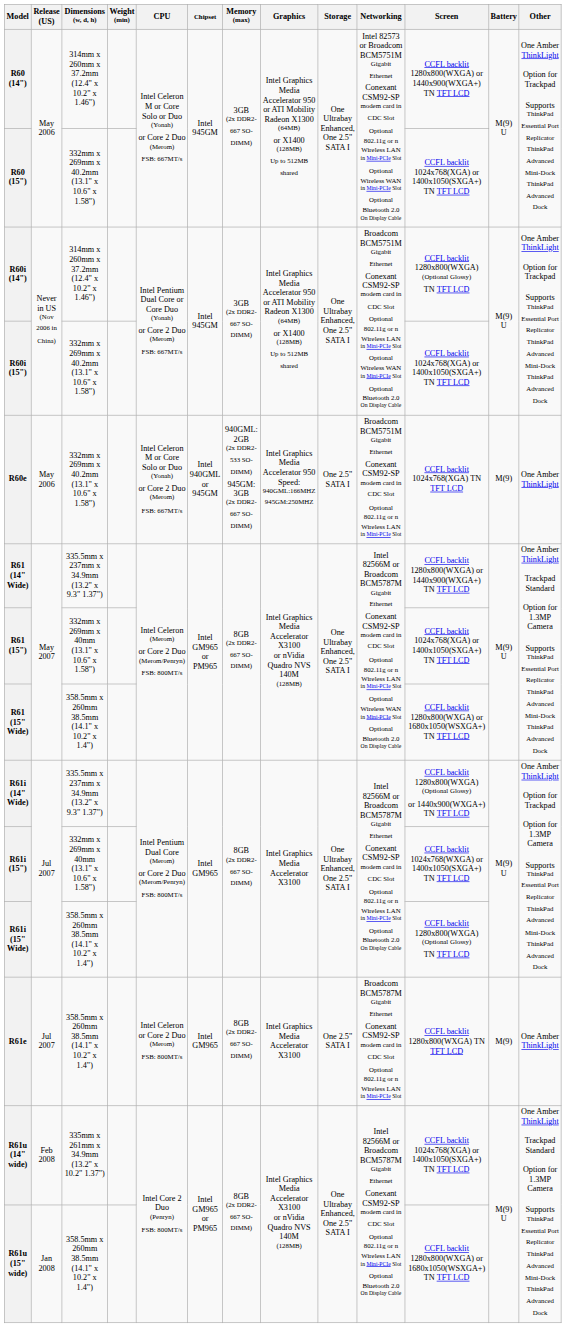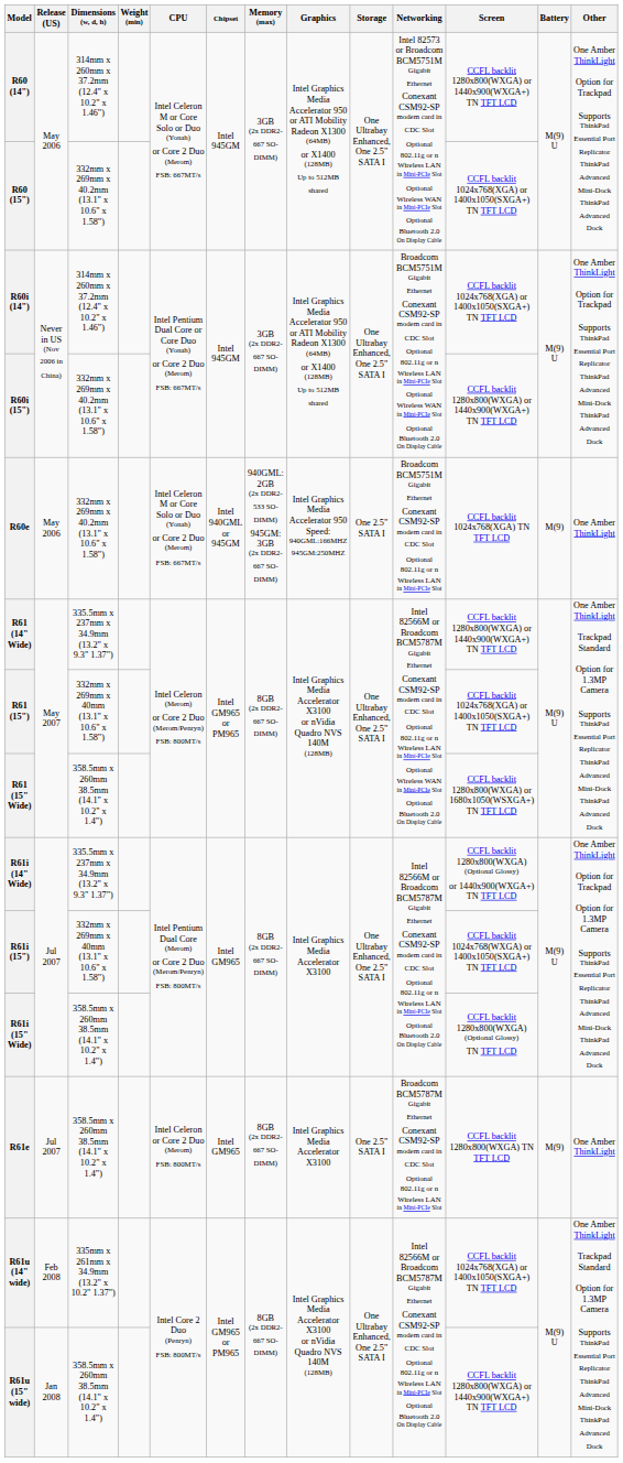 <table class="wikitable" style="font-size:80%; text-align:center">
 <tr>
 <th>Model</th>
 <th>Release<br>(US)</th>
 <th>Dimensions <br><sup>(w, d, h)</sup></th>
 <th>Weight <br><sup>(min)</sup></th>
 <th>CPU</th>
 <th><small>Chipset</small></th>
 <th>Memory <br><sup>(max)</sup></th>
 <th>Graphics</th>
 <th>Storage</th>
 <th>Networking</th>
 <th>Screen</th>
 <th>Battery</th>
 <th>Other</th>
 </tr>
 <tr>
 <th>R60 (14")</th>
 <td rowspan="2">May 2006</td>
 <td>314mm x 260mm x 37.2mm <br>(12.4" x 10.2" x 1.46")</td>
 <td></td>
 <td rowspan="2" style="background:">Intel Celeron M or Core Solo or Duo<br><sup>(Yonah)</sup> <br>or Core 2 Duo <br><sup>(Merom)</sup> <br><small>FSB: 667MT/s</small></td>
 <td rowspan="2">Intel 945GM</td>
 <td rowspan="2" style="background:">3GB <br><sup>(2x DDR2-667 SO-DIMM)</sup></td>
 <td rowspan="2" style="background:">Intel Graphics Media Accelerator 950 <br>or ATI Mobility Radeon X1300 <br><sup>(64MB)</sup> <br>or X1400 <br><sup>(128MB) <br>Up to 512MB shared</sup></td>
 <td rowspan="2" style="background:">One Ultrabay Enhanced, <br>One 2.5" SATA I</td>
 <td rowspan="2">Intel 82573 or Broadcom BCM5751M <br><sup>Gigabit Ethernet</sup> <br>Conexant CSM92-SP <br><sup>modem card in CDC Slot</sup> <br><small>Optional 802.11g or n Wireless LAN <br><sup>in <a href='#'>Mini-PCIe</a> Slot</sup></small> <br><small>Optional Wireless WAN <br><sup> in <a href='#'>Mini-PCIe</a> Slot</sup></small> <br><small>Optional Bluetooth 2.0 <br><sup>On Display Cable</sup></small></td>
 <td style="background:"><a href='#'>CCFL backlit</a> 1280x800(WXGA) or 1440x900(WXGA+) TN <a href='#'>TFT LCD</a></td>
 <td rowspan="2" style="background:">M(9) <br>U</td>
 <td rowspan="2">One Amber <a href='#'>ThinkLight</a> <br><br>Option for Trackpad <br><br>Supports <sup><br>ThinkPad Essential Port Replicator <br>ThinkPad Advanced Mini-Dock <br>ThinkPad Advanced Dock</sup></td>
 </tr>
 <tr>
 <th>R60 (15")</th>
 <td>332mm x 269mm x 40.2mm <br>(13.1" x 10.6" x 1.58")</td>
 <td></td>
 <td style="background:"><a href='#'>CCFL backlit</a> 1024x768(XGA) or 1400x1050(SXGA+) TN <a href='#'>TFT LCD</a></td>
 </tr>
 <tr>
 <th>R60i (14")</th>
 <td rowspan="2">Never in US <br><sup>(Nov 2006 in China)</sup></td>
 <td>314mm x 260mm x 37.2mm <br>(12.4" x 10.2" x 1.46")</td>
 <td></td>
 <td rowspan="2" style="background:">Intel Pentium Dual Core or Core Duo <br><sup>(Yonah)</sup> <br>or Core 2 Duo <br><sup>(Merom)</sup>  <br><small>FSB: 667MT/s</small></td>
 <td rowspan="2">Intel 945GM</td>
 <td rowspan="2" style="background:">3GB <br><sup>(2x DDR2-667 SO-DIMM)</sup></td>
 <td rowspan="2" style="background:">Intel Graphics Media Accelerator 950 <br>or ATI Mobility Radeon X1300 <br><sup>(64MB)</sup> <br>or X1400 <br><sup>(128MB) <br>Up to 512MB shared</sup></td>
 <td rowspan="2" style="background:">One Ultrabay Enhanced, <br>One 2.5" SATA I</td>
 <td rowspan="2">Broadcom BCM5751M <br><sup>Gigabit Ethernet</sup> <br>Conexant CSM92-SP <br><sup>modem card in CDC Slot</sup> <br><small>Optional 802.11g or n Wireless LAN <br><sup>in <a href='#'>Mini-PCIe</a> Slot</sup></small> <br><small>Optional Wireless WAN <br><sup> in <a href='#'>Mini-PCIe</a> Slot</sup></small> <br><small>Optional Bluetooth 2.0 <br><sup>On Display Cable</sup></small></td>
-<td style="background:"><a href='#'>CCFL backlit</a> 1280x800(WXGA) <br><sup>(Optional Glossy)</sup> <br>TN <a href='#'>TFT LCD</a></td>
+<td style="background:"><a href='#'>CCFL backlit</a> 1024x768(XGA) or 1400x1050(SXGA+) TN <a href='#'>TFT LCD</a></td>
 <td rowspan="2" style="background:">M(9) <br>U</td>
 <td rowspan="2">One Amber <a href='#'>ThinkLight</a> <br><br>Option for Trackpad <br><br>Supports <sup><br>ThinkPad Essential Port Replicator <br>ThinkPad Advanced Mini-Dock <br>ThinkPad Advanced Dock</sup></td>
 </tr>
 <tr>
 <th>R60i (15")</th>
 <td>332mm x 269mm x 40.2mm <br>(13.1" x 10.6" x 1.58")</td>
 <td></td>
-<td style="background:"><a href='#'>CCFL backlit</a> 1024x768(XGA) or 1400x1050(SXGA+) TN <a href='#'>TFT LCD</a></td>
+<td style="background:"><a href='#'>CCFL backlit</a> 1280x800(WXGA) or 1440x900(WXGA+) TN <a href='#'>TFT LCD</a></td>
 </tr>
 <tr>
 <th>R60e</th>
 <td>May 2006</td>
 <td>332mm x 269mm x 40.2mm <br>(13.1" x 10.6" x 1.58")</td>
 <td></td>
 <td style="background:">Intel Celeron M or Core Solo or Duo<br><sup>(Yonah)</sup> <br>or Core 2 Duo <br><sup>(Merom)</sup>  <br><small>FSB: 667MT/s</small></td>
 <td>Intel 940GML or 945GM</td>
 <td style="background:">940GML: 2GB <br><sup>(2x DDR2-533 SO-DIMM)</sup> <br>945GM: 3GB <br><sup>(2x DDR2-667 SO-DIMM)</sup></td>
 <td style="background:">Intel Graphics Media Accelerator 950 <br>Speed: <br><sup>940GML:166MHZ <br>945GM:250MHZ</sup></td>
 <td style="background:">One 2.5" SATA I</td>
 <td>Broadcom BCM5751M <br><sup>Gigabit Ethernet</sup> <br>Conexant CSM92-SP <br><sup>modem card in CDC Slot</sup> <br><small>Optional 802.11g or n Wireless LAN <br><sup>in <a href='#'>Mini-PCIe</a> Slot</sup></small></td>
 <td style="background:"><a href='#'>CCFL backlit</a> 1024x768(XGA) TN <a href='#'>TFT LCD</a></td>
 <td style="background:">M(9)</td>
 <td>One Amber <a href='#'>ThinkLight</a></td>
 </tr>
 <tr>
 <th>R61 (14" Wide)</th>
 <td rowspan="3">May 2007</td>
 <td>335.5mm x 237mm x 34.9mm <br>(13.2" x 9.3" 1.37")</td>
 <td></td>
 <td rowspan="3" style="background:">Intel Celeron <br><sup>(Merom)</sup> <br>or Core 2 Duo <br><sup>(Merom/Penryn)</sup> <br><small>FSB: 800MT/s</small></td>
 <td rowspan="3">Intel GM965 or PM965</td>
 <td rowspan="3" style="background:">8GB <br><sup>(2x DDR2-667 SO-DIMM)</sup></td>
 <td rowspan="3" style="background:">Intel Graphics Media Accelerator X3100 <br>or nVidia Quadro NVS 140M <br><sup>(128MB)</sup></td>
 <td rowspan="3" style="background:">One Ultrabay Enhanced, <br>One 2.5" SATA I </td>
 <td rowspan="3">Intel 82566M or Broadcom BCM5787M <br><sup>Gigabit Ethernet</sup> <br>Conexant CSM92-SP <br><sup>modem card in CDC Slot</sup> <br><small>Optional 802.11g or n Wireless LAN <br><sup>in <a href='#'>Mini-PCIe</a> Slot</sup></small> <br><small>Optional Wireless WAN <br><sup> in <a href='#'>Mini-PCIe</a> Slot</sup></small> <br><small>Optional Bluetooth 2.0 <br><sup>On Display Cable</sup></small></td>
 <td style="background:"><a href='#'>CCFL backlit</a> 1280x800(WXGA) or 1440x900(WXGA+) TN <a href='#'>TFT LCD</a></td>
 <td rowspan="3" style="background:">M(9) <br>U</td>
 <td rowspan="3">One Amber <a href='#'>ThinkLight</a> <br><br>Trackpad Standard <br><br>Option for 1.3MP Camera <br><br>Supports <sup><br>ThinkPad Essential Port Replicator <br>ThinkPad Advanced Mini-Dock <br>ThinkPad Advanced Dock</sup></td>
 </tr>
 <tr>
 <th>R61 (15")</th>
 <td>332mm x 269mm x 40mm <br>(13.1" x 10.6" x 1.58")</td>
 <td></td>
 <td style="background:"><a href='#'>CCFL backlit</a> 1024x768(XGA) or 1400x1050(SXGA+) TN <a href='#'>TFT LCD</a></td>
 </tr>
 <tr>
 <th>R61 (15" Wide)</th>
 <td>358.5mm x 260mm 38.5mm <br>(14.1" x 10.2" x 1.4")</td>
 <td></td>
 <td style="background:"><a href='#'>CCFL backlit</a> 1280x800(WXGA) or 1680x1050(WSXGA+) TN <a href='#'>TFT LCD</a></td>
 </tr>
 <tr>
 <th>R61i (14" Wide)</th>
 <td rowspan="3">Jul 2007</td>
 <td>335.5mm x 237mm x 34.9mm <br>(13.2" x 9.3" 1.37")</td>
 <td></td>
 <td rowspan="3" style="background:">Intel Pentium Dual Core <br><sup>(Merom)</sup> <br>or Core 2 Duo <br><sup>(Merom/Penryn)</sup> <br><small>FSB: 800MT/s</small></td>
 <td rowspan="3">Intel GM965</td>
 <td rowspan="3" style="background:">8GB <br><sup>(2x DDR2-667 SO-DIMM)</sup></td>
 <td rowspan="3" style="background:">Intel Graphics Media Accelerator X3100</td>
 <td rowspan="3" style="background:">One Ultrabay Enhanced, <br>One 2.5" SATA I </td>
 <td rowspan="3">Intel 82566M or Broadcom BCM5787M <br><sup>Gigabit Ethernet</sup> <br>Conexant CSM92-SP <br><sup>modem card in CDC Slot</sup> <br><small>Optional 802.11g or n Wireless LAN <br><sup>in <a href='#'>Mini-PCIe</a> Slot</sup></small> <br><small>Optional Bluetooth 2.0 <br><sup>On Display Cable</sup></small></td>
 <td style="background:"><a href='#'>CCFL backlit</a> 1280x800(WXGA) <br><sup>(Optional Glossy)</sup> <br>or 1440x900(WXGA+) TN <a href='#'>TFT LCD</a></td>
 <td rowspan="3" style="background:">M(9) <br>U</td>
 <td rowspan="3">One Amber <a href='#'>ThinkLight</a> <br><br>Option for Trackpad <br><br>Option for 1.3MP Camera <br><br>Supports <sup><br>ThinkPad Essential Port Replicator <br>ThinkPad Advanced Mini-Dock <br>ThinkPad Advanced Dock</sup></td>
 </tr>
 <tr>
 <th>R61i (15")</th>
 <td>332mm x 269mm x 40mm <br>(13.1" x 10.6" x 1.58")</td>
 <td></td>
 <td style="background:"><a href='#'>CCFL backlit</a> 1024x768(WXGA) or 1400x1050(SXGA+) TN <a href='#'>TFT LCD</a></td>
 </tr>
 <tr>
 <th>R61i (15" Wide)</th>
 <td>358.5mm x 260mm 38.5mm <br>(14.1" x 10.2" x 1.4")</td>
 <td></td>
 <td style="background:"><a href='#'>CCFL backlit</a> 1280x800(WXGA) <br><sup>(Optional Glossy)</sup> <br>TN <a href='#'>TFT LCD</a></td>
 </tr>
 <tr>
 <th>R61e</th>
 <td>Jul 2007</td>
 <td>358.5mm x 260mm 38.5mm <br>(14.1" x 10.2" x 1.4")</td>
 <td></td>
 <td style="background:">Intel Celeron or Core 2 Duo <br><sup>(Merom)</sup> <br><small>FSB: 800MT/s</small></td>
 <td>Intel GM965</td>
 <td style="background:">8GB <br><sup>(2x DDR2-667 SO-DIMM)</sup></td>
 <td style="background:">Intel Graphics Media Accelerator X3100</td>
 <td style="background:">One 2.5" SATA I </td>
 <td>Broadcom BCM5787M <br><sup>Gigabit Ethernet</sup> <br>Conexant CSM92-SP <br><sup>modem card in CDC Slot</sup> <br><small>Optional 802.11g or n Wireless LAN <br><sup>in <a href='#'>Mini-PCIe</a> Slot</sup></small></td>
 <td style="background:"><a href='#'>CCFL backlit</a> 1280x800(WXGA) TN <a href='#'>TFT LCD</a></td>
 <td style="background:">M(9)</td>
 <td>One Amber <a href='#'>ThinkLight</a></td>
 </tr>
 <tr>
 <th>R61u (14" wide)</th>
 <td>Feb 2008</td>
 <td>335mm x 261mm x 34.9mm <br>(13.2" x 10.2" 1.37")</td>
 <td></td>
 <td rowspan="2" style="background:">Intel Core 2 Duo <br><sup>(Penryn)</sup> <br><small>FSB: 800MT/s</small></td>
 <td rowspan="2">Intel GM965 or PM965</td>
 <td rowspan="2" style="background:">8GB <br><sup>(2x DDR2-667 SO-DIMM)</sup></td>
 <td rowspan="2" style="background:">Intel Graphics Media Accelerator X3100 <br>or nVidia Quadro NVS 140M <br><sup>(128MB)</sup></td>
 <td rowspan="3" style="background:">One Ultrabay Enhanced, <br>One 2.5" SATA I </td>
 <td rowspan="3">Intel 82566M or Broadcom BCM5787M <br><sup>Gigabit Ethernet</sup> <br>Conexant CSM92-SP <br><sup>modem card in CDC Slot</sup> <br><small>Optional 802.11g or n Wireless LAN <br><sup>in <a href='#'>Mini-PCIe</a> Slot</sup></small> <br><small>Optional Bluetooth 2.0 <br><sup>On Display Cable</sup></small></td>
 <td style="background:"><a href='#'>CCFL backlit</a> 1024x768(XGA) or 1400x1050(SXGA+) TN <a href='#'>TFT LCD</a></td>
 <td rowspan="2" style="background:">M(9) <br>U</td>
 <td rowspan="2">One Amber <a href='#'>ThinkLight</a> <br><br>Trackpad Standard <br><br>Option for 1.3MP Camera <br><br>Supports <sup><br>ThinkPad Essential Port Replicator <br>ThinkPad Advanced Mini-Dock <br>ThinkPad Advanced Dock</sup></td>
 </tr>
 <tr>
 <th>R61u (15" wide)</th>
 <td>Jan 2008</td>
 <td>358.5mm x 260mm 38.5mm <br>(14.1" x 10.2" x 1.4")</td>
 <td></td>
-<td style="background:"><a href='#'>CCFL backlit</a> 1280x800(WXGA) or 1680x1050(WSXGA+) TN <a href='#'>TFT LCD</a></td>
+<td style="background:"><a href='#'>CCFL backlit</a> 1280x800(WXGA) or 1440x900(WXGA+) TN <a href='#'>TFT LCD</a></td>
 </tr>
 </table>
